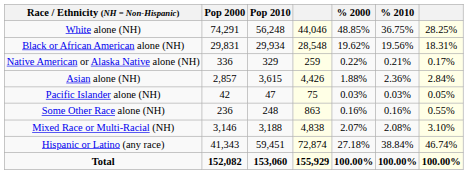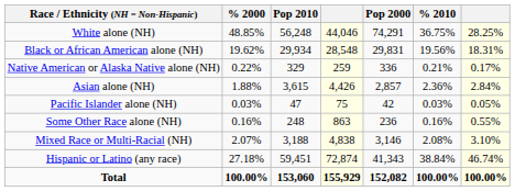 <table class="wikitable" style="text-align:center;">
 <tr>
 <th>Race / Ethnicity <small>(<em>NH = Non-Hispanic</em>)</small></th>
-<th>Pop 2000</th>
+<th>% 2000</th>
 <th>Pop 2010</th>
 <th></th>
-<th>% 2000</th>
+<th>Pop 2000</th>
 <th>% 2010</th>
 <th></th>
 </tr>
 <tr>
 <td><a href='#'>White</a> alone (NH)</td>
-<td>74,291</td>
+<td>48.85%</td>
 <td>56,248</td>
 <td style='background: #ffffe6;'>44,046</td>
-<td>48.85%</td>
+<td>74,291</td>
 <td>36.75%</td>
 <td style='background: #ffffe6;'>28.25%</td>
 </tr>
 <tr>
 <td><a href='#'>Black or African American</a> alone (NH)</td>
-<td>29,831</td>
+<td>19.62%</td>
 <td>29,934</td>
 <td style='background: #ffffe6;'>28,548</td>
-<td>19.62%</td>
+<td>29,831</td>
 <td>19.56%</td>
 <td style='background: #ffffe6;'>18.31%</td>
 </tr>
 <tr>
 <td><a href='#'>Native American</a> or <a href='#'>Alaska Native</a> alone (NH)</td>
-<td>336</td>
+<td>0.22%</td>
 <td>329</td>
 <td style='background: #ffffe6;'>259</td>
-<td>0.22%</td>
+<td>336</td>
 <td>0.21%</td>
 <td style='background: #ffffe6;'>0.17%</td>
 </tr>
 <tr>
 <td><a href='#'>Asian</a> alone (NH)</td>
-<td>2,857</td>
+<td>1.88%</td>
 <td>3,615</td>
 <td style='background: #ffffe6;'>4,426</td>
-<td>1.88%</td>
+<td>2,857</td>
 <td>2.36%</td>
 <td style='background: #ffffe6;'>2.84%</td>
 </tr>
 <tr>
 <td><a href='#'>Pacific Islander</a> alone (NH)</td>
-<td>42</td>
+<td>0.03%</td>
 <td>47</td>
 <td style='background: #ffffe6;'>75</td>
-<td>0.03%</td>
+<td>42</td>
 <td>0.03%</td>
 <td style='background: #ffffe6;'>0.05%</td>
 </tr>
 <tr>
 <td><a href='#'>Some Other Race</a> alone (NH)</td>
-<td>236</td>
+<td>0.16%</td>
 <td>248</td>
 <td style='background: #ffffe6;'>863</td>
-<td>0.16%</td>
+<td>236</td>
 <td>0.16%</td>
 <td style='background: #ffffe6;'>0.55%</td>
 </tr>
 <tr>
 <td><a href='#'>Mixed Race or Multi-Racial</a> (NH)</td>
-<td>3,146</td>
+<td>2.07%</td>
 <td>3,188</td>
 <td style='background: #ffffe6;'>4,838</td>
-<td>2.07%</td>
+<td>3,146</td>
 <td>2.08%</td>
 <td style='background: #ffffe6;'>3.10%</td>
 </tr>
 <tr>
 <td><a href='#'>Hispanic or Latino</a> (any race)</td>
-<td>41,343</td>
+<td>27.18%</td>
 <td>59,451</td>
 <td style='background: #ffffe6;'>72,874</td>
-<td>27.18%</td>
+<td>41,343</td>
 <td>38.84%</td>
 <td style='background: #ffffe6;'>46.74%</td>
 </tr>
 <tr>
 <td><strong>Total</strong></td>
-<td><strong>152,082</strong></td>
+<td><strong>100.00%</strong></td>
 <td><strong>153,060</strong></td>
 <td style='background: #ffffe6;'><strong>155,929</strong></td>
-<td><strong>100.00%</strong></td>
+<td><strong>152,082</strong></td>
 <td><strong>100.00%</strong></td>
 <td style='background: #ffffe6;'><strong>100.00%</strong></td>
 </tr>
 </table>
